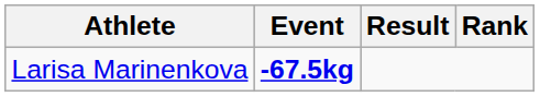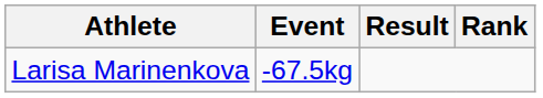 <table class="wikitable">
 <tr>
 <th>Athlete</th>
 <th>Event</th>
 <th>Result</th>
 <th>Rank</th>
 </tr>
 <tr align=center>
 <td align=left><a href='#'>Larisa Marinenkova</a></td>
-<td align=left><strong><a href='#'>-67.5kg</a></strong></td>
+<td align=left><a href='#'>-67.5kg</a></td>
 <td colspan="2"></td>
 </tr>
 </table>
